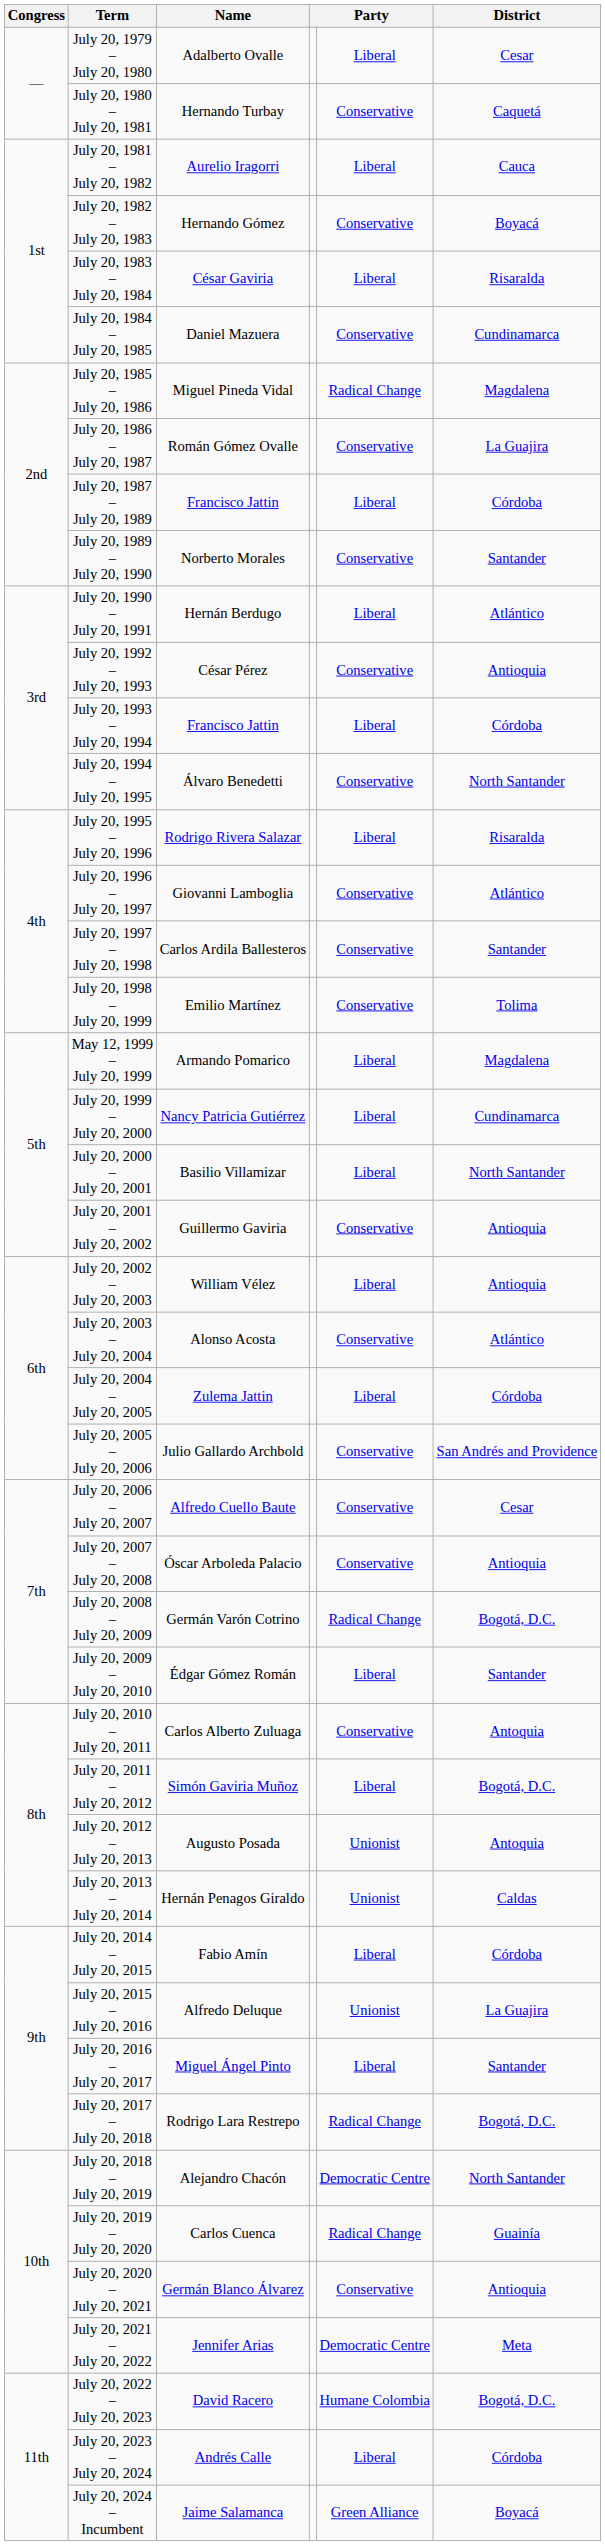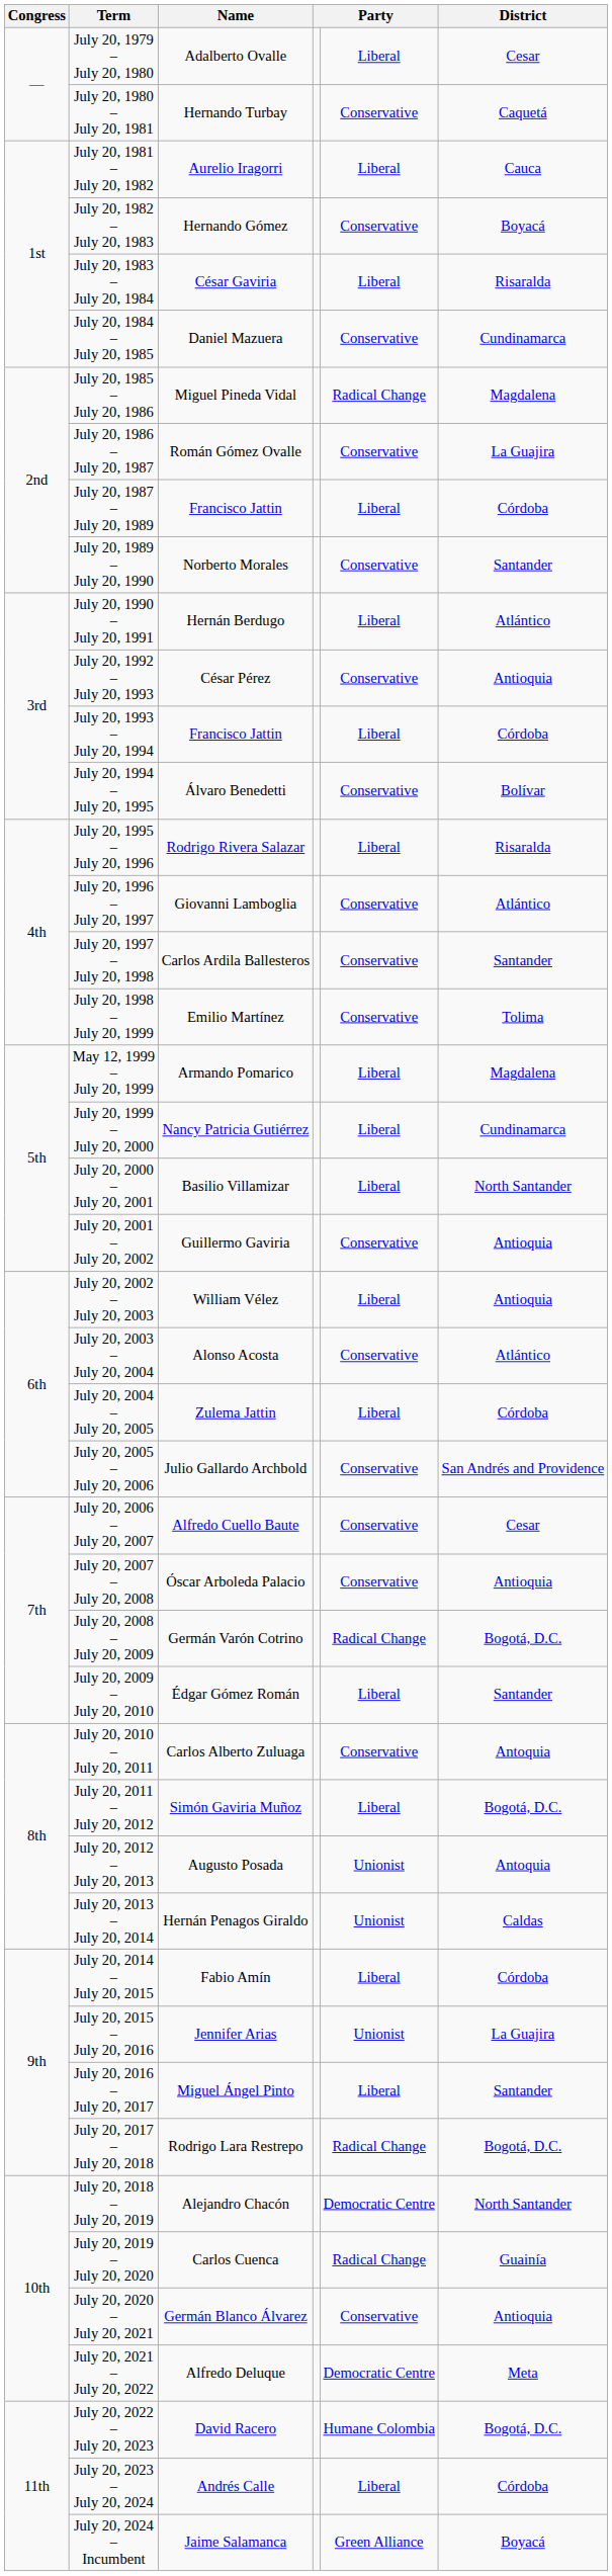 <table class="wikitable sortable" style="text-align:center">
 <tr>
 <th scope=col>Congress</th>
 <th scope=col class="unsortable">Term</th>
 <th scope=col>Name</th>
 <th scope=col colspan="2">Party</th>
 <th scope=col>District</th>
 </tr>
 <tr>
 <td rowspan="2">—</td>
 <td>July 20, 1979<br>–<br>July 20, 1980</td>
 <td>Adalberto Ovalle</td>
 <td style="background:"></td>
 <td><a href='#'>Liberal</a></td>
 <td><a href='#'>Cesar</a></td>
 </tr>
 <tr>
 <td>July 20, 1980<br>–<br>July 20, 1981</td>
 <td>Hernando Turbay</td>
 <td style="background:"></td>
 <td><a href='#'>Conservative</a></td>
 <td><a href='#'>Caquetá</a></td>
 </tr>
 <tr>
 <td rowspan="4">1st</td>
 <td>July 20, 1981<br>–<br>July 20, 1982</td>
 <td><a href='#'>Aurelio Iragorri</a></td>
 <td style="background:"></td>
 <td><a href='#'>Liberal</a></td>
 <td><a href='#'>Cauca</a></td>
 </tr>
 <tr>
 <td>July 20, 1982<br>–<br>July 20, 1983</td>
 <td>Hernando Gómez</td>
 <td style="background:"></td>
 <td><a href='#'>Conservative</a></td>
 <td><a href='#'>Boyacá</a></td>
 </tr>
 <tr>
 <td>July 20, 1983<br>–<br>July 20, 1984</td>
 <td><a href='#'>César Gaviria</a></td>
 <td style="background:"></td>
 <td><a href='#'>Liberal</a></td>
 <td><a href='#'>Risaralda</a></td>
 </tr>
 <tr>
 <td>July 20, 1984<br>–<br>July 20, 1985</td>
 <td>Daniel Mazuera</td>
 <td style="background:"></td>
 <td><a href='#'>Conservative</a></td>
 <td><a href='#'>Cundinamarca</a></td>
 </tr>
 <tr>
 <td rowspan="4">2nd</td>
 <td>July 20, 1985<br>–<br>July 20, 1986</td>
 <td>Miguel Pineda Vidal</td>
 <td style="background:"></td>
 <td><a href='#'>Radical Change</a></td>
 <td><a href='#'>Magdalena</a></td>
 </tr>
 <tr>
 <td>July 20, 1986<br>–<br>July 20, 1987</td>
 <td>Román Gómez Ovalle</td>
 <td style="background:"></td>
 <td><a href='#'>Conservative</a></td>
 <td><a href='#'>La Guajira</a></td>
 </tr>
 <tr>
 <td>July 20, 1987<br>–<br>July 20, 1989</td>
 <td><a href='#'>Francisco Jattin</a></td>
 <td style="background:"></td>
 <td><a href='#'>Liberal</a></td>
 <td><a href='#'>Córdoba</a></td>
 </tr>
 <tr>
 <td>July 20, 1989<br>–<br>July 20, 1990</td>
 <td>Norberto Morales</td>
 <td style="background:"></td>
 <td><a href='#'>Conservative</a></td>
 <td><a href='#'>Santander</a></td>
 </tr>
 <tr>
 <td rowspan="4">3rd</td>
 <td>July 20, 1990<br>–<br>July 20, 1991</td>
 <td>Hernán Berdugo</td>
 <td style="background:"></td>
 <td><a href='#'>Liberal</a></td>
 <td><a href='#'>Atlántico</a></td>
 </tr>
 <tr>
 <td>July 20, 1992<br>–<br>July 20, 1993</td>
 <td>César Pérez</td>
 <td style="background:"></td>
 <td><a href='#'>Conservative</a></td>
 <td><a href='#'>Antioquia</a></td>
 </tr>
 <tr>
 <td>July 20, 1993<br>–<br>July 20, 1994</td>
 <td><a href='#'>Francisco Jattin</a></td>
 <td style="background:"></td>
 <td><a href='#'>Liberal</a></td>
 <td><a href='#'>Córdoba</a></td>
 </tr>
 <tr>
 <td>July 20, 1994<br>–<br>July 20, 1995</td>
 <td>Álvaro Benedetti</td>
 <td style="background:"></td>
 <td><a href='#'>Conservative</a></td>
-<td><a href='#'>North Santander</a></td>
+<td><a href='#'>Bolívar</a></td>
 </tr>
 <tr>
 <td rowspan="4">4th</td>
 <td>July 20, 1995<br>–<br>July 20, 1996</td>
 <td><a href='#'>Rodrigo Rivera Salazar</a></td>
 <td style="background:"></td>
 <td><a href='#'>Liberal</a></td>
 <td><a href='#'>Risaralda</a></td>
 </tr>
 <tr>
 <td>July 20, 1996<br>–<br>July 20, 1997</td>
 <td>Giovanni Lamboglia</td>
 <td style="background:"></td>
 <td><a href='#'>Conservative</a></td>
 <td><a href='#'>Atlántico</a></td>
 </tr>
 <tr>
 <td>July 20, 1997<br>–<br>July 20, 1998</td>
 <td>Carlos Ardila Ballesteros</td>
 <td style="background:"></td>
 <td><a href='#'>Conservative</a></td>
 <td><a href='#'>Santander</a></td>
 </tr>
 <tr>
 <td>July 20, 1998<br>–<br>July 20, 1999</td>
 <td>Emilio Martínez</td>
 <td style="background:"></td>
 <td><a href='#'>Conservative</a></td>
 <td><a href='#'>Tolima</a></td>
 </tr>
 <tr>
 <td rowspan="4">5th</td>
 <td>May 12, 1999<br>–<br>July 20, 1999</td>
 <td>Armando Pomarico</td>
 <td style="background:"></td>
 <td><a href='#'>Liberal</a></td>
 <td><a href='#'>Magdalena</a></td>
 </tr>
 <tr>
 <td>July 20, 1999<br>–<br>July 20, 2000</td>
 <td><a href='#'>Nancy Patricia Gutiérrez</a></td>
 <td style="background:"></td>
 <td><a href='#'>Liberal</a></td>
 <td><a href='#'>Cundinamarca</a></td>
 </tr>
 <tr>
 <td>July 20, 2000<br>–<br>July 20, 2001</td>
 <td>Basilio Villamizar</td>
 <td style="background:"></td>
 <td><a href='#'>Liberal</a></td>
 <td><a href='#'>North Santander</a></td>
 </tr>
 <tr>
 <td>July 20, 2001<br>–<br>July 20, 2002</td>
 <td>Guillermo Gaviria</td>
 <td style="background:"></td>
 <td><a href='#'>Conservative</a></td>
 <td><a href='#'>Antioquia</a></td>
 </tr>
 <tr>
 <td rowspan="4">6th</td>
 <td>July 20, 2002<br>–<br>July 20, 2003</td>
 <td>William Vélez</td>
 <td style="background:"></td>
 <td><a href='#'>Liberal</a></td>
 <td><a href='#'>Antioquia</a></td>
 </tr>
 <tr>
 <td>July 20, 2003<br>–<br>July 20, 2004</td>
 <td>Alonso Acosta</td>
 <td style="background:"></td>
 <td><a href='#'>Conservative</a></td>
 <td><a href='#'>Atlántico</a></td>
 </tr>
 <tr>
 <td>July 20, 2004<br>–<br>July 20, 2005</td>
 <td><a href='#'>Zulema Jattin</a></td>
 <td style="background:"></td>
 <td><a href='#'>Liberal</a></td>
 <td><a href='#'>Córdoba</a></td>
 </tr>
 <tr>
 <td>July 20, 2005<br>–<br>July 20, 2006</td>
 <td>Julio Gallardo Archbold</td>
 <td style="background:"></td>
 <td><a href='#'>Conservative</a></td>
 <td><a href='#'>San Andrés and Providence</a></td>
 </tr>
 <tr>
 <td rowspan="4">7th</td>
 <td>July 20, 2006<br>–<br>July 20, 2007</td>
 <td><a href='#'>Alfredo Cuello Baute</a></td>
 <td style="background:"></td>
 <td><a href='#'>Conservative</a></td>
 <td><a href='#'>Cesar</a></td>
 </tr>
 <tr>
 <td>July 20, 2007<br>–<br>July 20, 2008</td>
 <td>Óscar Arboleda Palacio</td>
 <td style="background:"></td>
 <td><a href='#'>Conservative</a></td>
 <td><a href='#'>Antioquia</a></td>
 </tr>
 <tr>
 <td>July 20, 2008<br>–<br>July 20, 2009</td>
 <td>Germán Varón Cotrino</td>
 <td style="background:"></td>
 <td><a href='#'>Radical Change</a></td>
 <td><a href='#'>Bogotá, D.C.</a></td>
 </tr>
 <tr>
 <td>July 20, 2009<br>–<br>July 20, 2010</td>
 <td>Édgar Gómez Román</td>
 <td style="background:"></td>
 <td><a href='#'>Liberal</a></td>
 <td><a href='#'>Santander</a></td>
 </tr>
 <tr>
 <td rowspan="4">8th</td>
 <td>July 20, 2010<br>–<br>July 20, 2011</td>
 <td>Carlos Alberto Zuluaga</td>
 <td style="background:"></td>
 <td><a href='#'>Conservative</a></td>
 <td><a href='#'>Antoquia</a></td>
 </tr>
 <tr>
 <td>July 20, 2011<br>–<br>July 20, 2012</td>
 <td><a href='#'>Simón Gaviria Muñoz</a></td>
 <td style="background:"></td>
 <td><a href='#'>Liberal</a></td>
 <td><a href='#'>Bogotá, D.C.</a></td>
 </tr>
 <tr>
 <td>July 20, 2012<br>–<br>July 20, 2013</td>
 <td>Augusto Posada</td>
 <td style="background:"></td>
 <td><a href='#'>Unionist</a></td>
 <td><a href='#'>Antoquia</a></td>
 </tr>
 <tr>
 <td>July 20, 2013<br>–<br>July 20, 2014</td>
 <td>Hernán Penagos Giraldo</td>
 <td style="background:"></td>
 <td><a href='#'>Unionist</a></td>
 <td><a href='#'>Caldas</a></td>
 </tr>
 <tr>
 <td rowspan="4">9th</td>
 <td>July 20, 2014<br>–<br>July 20, 2015</td>
 <td>Fabio Amín</td>
 <td style="background:"></td>
 <td><a href='#'>Liberal</a></td>
 <td><a href='#'>Córdoba</a></td>
 </tr>
 <tr>
 <td>July 20, 2015<br>–<br>July 20, 2016</td>
-<td>Alfredo Deluque</td>
+<td><a href='#'>Jennifer Arias</a></td>
 <td style="background:"></td>
 <td><a href='#'>Unionist</a></td>
 <td><a href='#'>La Guajira</a></td>
 </tr>
 <tr>
 <td>July 20, 2016<br>–<br>July 20, 2017</td>
 <td><a href='#'>Miguel Ángel Pinto</a></td>
 <td style="background:"></td>
 <td><a href='#'>Liberal</a></td>
 <td><a href='#'>Santander</a></td>
 </tr>
 <tr>
 <td>July 20, 2017<br>–<br>July 20, 2018</td>
 <td>Rodrigo Lara Restrepo</td>
 <td style="background:"></td>
 <td><a href='#'>Radical Change</a></td>
 <td><a href='#'>Bogotá, D.C.</a></td>
 </tr>
 <tr>
 <td rowspan="4">10th</td>
 <td>July 20, 2018<br>–<br>July 20, 2019</td>
 <td>Alejandro Chacón</td>
 <td style="background:"></td>
 <td><a href='#'>Democratic Centre</a></td>
 <td><a href='#'>North Santander</a></td>
 </tr>
 <tr>
 <td>July 20, 2019<br>–<br>July 20, 2020</td>
 <td>Carlos Cuenca</td>
 <td style="background:"></td>
 <td><a href='#'>Radical Change</a></td>
 <td><a href='#'>Guainía</a></td>
 </tr>
 <tr>
 <td>July 20, 2020<br>–<br>July 20, 2021</td>
 <td><a href='#'>Germán Blanco Álvarez</a></td>
 <td style="background:"></td>
 <td><a href='#'>Conservative</a></td>
 <td><a href='#'>Antioquia</a></td>
 </tr>
 <tr>
 <td>July 20, 2021<br>–<br>July 20, 2022</td>
-<td><a href='#'>Jennifer Arias</a></td>
+<td>Alfredo Deluque</td>
 <td style="background:"></td>
 <td><a href='#'>Democratic Centre</a></td>
 <td><a href='#'>Meta</a></td>
 </tr>
 <tr>
 <td rowspan="6">11th</td>
 <td>July 20, 2022<br>–<br>July 20, 2023</td>
 <td><a href='#'>David Racero</a></td>
 <td style="background:"></td>
 <td><a href='#'>Humane Colombia</a></td>
 <td><a href='#'>Bogotá, D.C.</a></td>
 </tr>
 <tr>
 <td>July 20, 2023<br>–<br>July 20, 2024</td>
 <td><a href='#'>Andrés Calle</a></td>
 <td style="background:"></td>
 <td><a href='#'>Liberal</a></td>
 <td><a href='#'>Córdoba</a></td>
 </tr>
 <tr>
 <td>July 20, 2024<br>–<br>Incumbent</td>
 <td><a href='#'>Jaime Salamanca</a></td>
 <td style="background:"></td>
 <td><a href='#'>Green Alliance</a></td>
 <td><a href='#'>Boyacá</a></td>
 </tr>
 </table>
